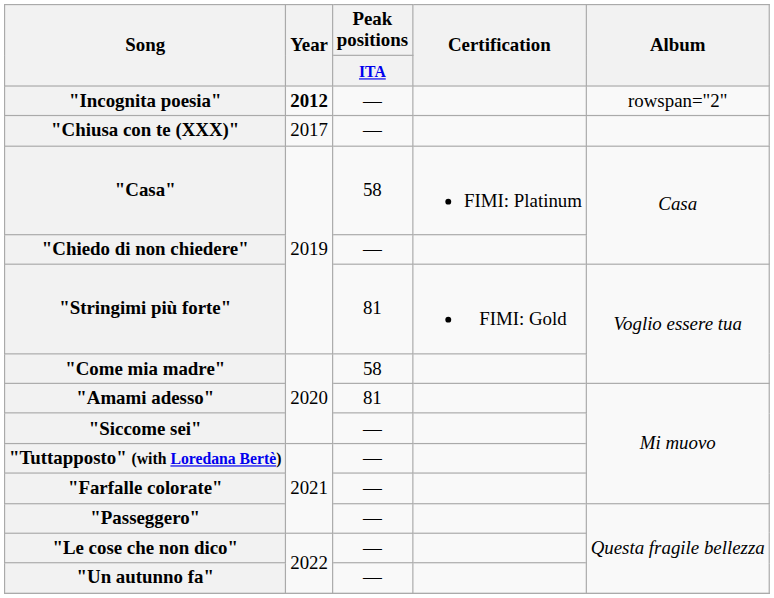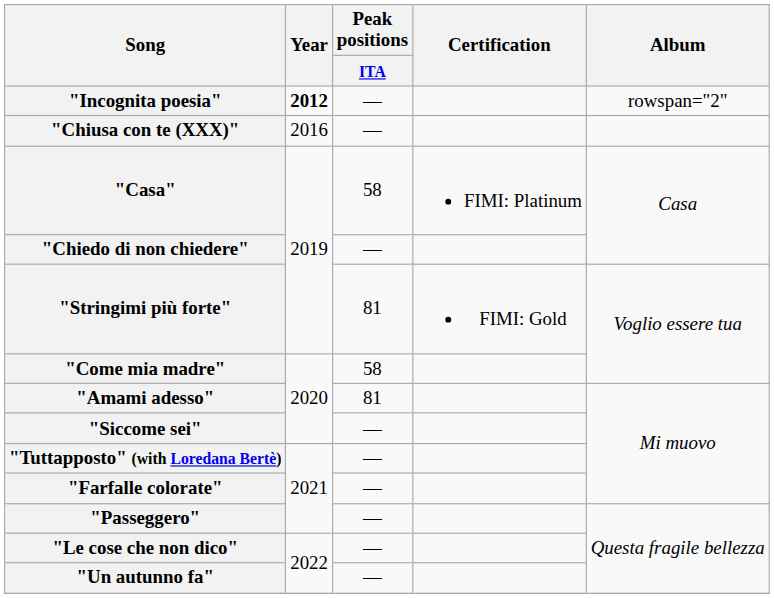 <table class="wikitable plainrowheaders" style="text-align:center;">
 <tr>
 <th rowspan="2">Song</th>
 <th rowspan="2">Year</th>
 <th colspan="1">Peak positions</th>
 <th rowspan="2">Certification</th>
 <th rowspan="2">Album</th>
 </tr>
 <tr>
 <th width="35"><small><a href='#'>ITA</a><br></small></th>
 </tr>
 <tr>
 <th scope="row">"Incognita poesia"</th>
 <td><strong>2012</strong></td>
 <td>—</td>
 <td></td>
 <td>rowspan="2" </td>
 </tr>
 <tr>
 <th scope="row">"Chiusa con te (XXX)"</th>
-<td>2017</td>
+<td>2016</td>
 <td>—</td>
 <td></td>
 </tr>
 <tr>
 <th scope="row">"Casa"</th>
 <td rowspan="3">2019</td>
 <td>58</td>
 <td><br><ul><li>FIMI: Platinum</li></ul></td>
 <td rowspan="2"><em>Casa</em></td>
 </tr>
 <tr>
 <th scope="row">"Chiedo di non chiedere"</th>
 <td>—</td>
 <td></td>
 </tr>
 <tr>
 <th scope="row">"Stringimi più forte"</th>
 <td>81</td>
 <td><br><ul><li>FIMI: Gold</li></ul></td>
 <td rowspan="2"><em>Voglio essere tua</em></td>
 </tr>
 <tr>
 <th scope="row">"Come mia madre"</th>
 <td rowspan="3">2020</td>
 <td>58</td>
 <td></td>
 </tr>
 <tr>
 <th scope="row">"Amami adesso"</th>
 <td>81</td>
 <td></td>
 <td rowspan="4"><em>Mi muovo</em></td>
 </tr>
 <tr>
 <th scope="row">"Siccome sei"</th>
 <td>—</td>
 <td></td>
 </tr>
 <tr>
 <th scope="row">"Tuttapposto" <small>(with <a href='#'>Loredana Bertè</a>)</small></th>
 <td rowspan="3">2021</td>
 <td>—</td>
 <td></td>
 </tr>
 <tr>
 <th scope="row">"Farfalle colorate"</th>
 <td>—</td>
 <td></td>
 </tr>
 <tr>
 <th scope="row">"Passeggero"</th>
 <td>—</td>
 <td></td>
 <td rowspan="3"><em>Questa fragile bellezza</em></td>
 </tr>
 <tr>
 <th scope="row">"Le cose che non dico"</th>
 <td rowspan="2">2022</td>
 <td>—</td>
 <td></td>
 </tr>
 <tr>
 <th scope="row">"Un autunno fa"</th>
 <td>—</td>
 <td></td>
 </tr>
 <tr>
 </tr>
 </table>
